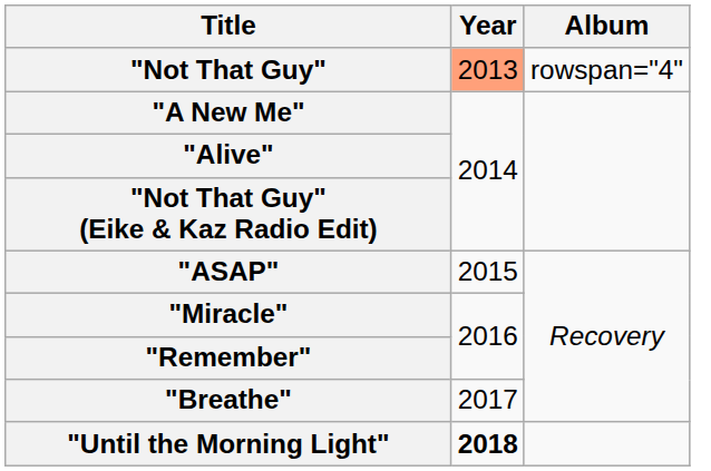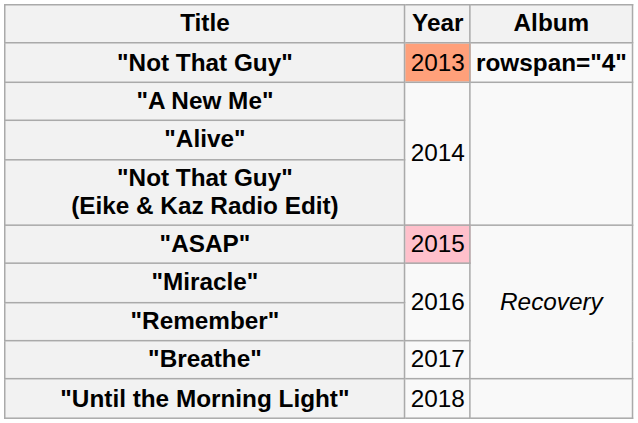 <table class="wikitable plainrowheaders" style="text-align:center;">
 <tr>
 <th scope="col" style="width:16em;">Title</th>
 <th scope="col" style="width:1em;">Year</th>
 <th scope="col">Album</th>
 </tr>
 <tr>
 <th scope="row">"Not That Guy"</th>
 <td style="background: lightsalmon;">2013</td>
-<td>rowspan="4" </td>
+<td><strong>rowspan="4" </strong></td>
 </tr>
 <tr>
 <th scope="row">"A New Me"</th>
 <td rowspan="3">2014</td>
 </tr>
 <tr>
 <th scope="row">"Alive"</th>
 </tr>
 <tr>
 <th scope="row">"Not That Guy"<br><span>(Eike & Kaz Radio Edit)</span></th>
 </tr>
 <tr>
 <th scope="row">"ASAP"</th>
-<td>2015</td>
+<td style="background: pink;">2015</td>
 <td rowspan="4"><em>Recovery</em></td>
 </tr>
 <tr>
 <th scope="row">"Miracle"</th>
 <td rowspan="2">2016</td>
 </tr>
 <tr>
 <th scope="row">"Remember"</th>
 </tr>
 <tr>
 <th scope="row">"Breathe"</th>
 <td>2017</td>
 </tr>
 <tr>
 <th scope="row">"Until the Morning Light"</th>
-<td><strong>2018</strong></td>
+<td>2018</td>
 <td></td>
 </tr>
 </table>
